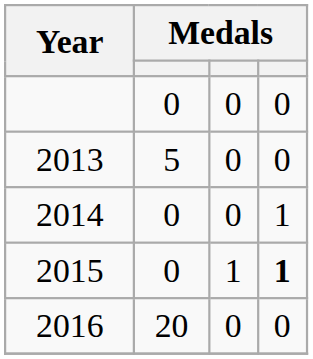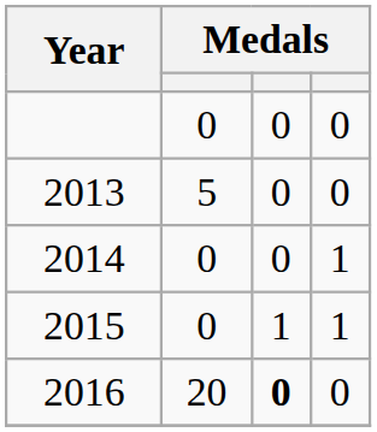 <table class="wikitable" style="text-align: center; font-size:95%;">
 <tr>
 <th rowspan=2 width=30%>Year</th>
 <th colspan=3 width=40%>Medals</th>
 </tr>
 <tr>
 <th !width=10></th>
 <th !width=10></th>
 <th !width=10></th>
 </tr>
 <tr>
 <td></td>
 <td>0</td>
 <td>0</td>
 <td>0</td>
 </tr>
 <tr>
 <td>2013</td>
 <td>5</td>
 <td>0</td>
 <td>0</td>
 </tr>
 <tr>
 <td>2014</td>
 <td>0</td>
 <td>0</td>
 <td>1</td>
 </tr>
 <tr>
 <td>2015</td>
 <td>0</td>
 <td>1</td>
-<td><strong>1</strong></td>
+<td>1</td>
 </tr>
 <tr>
 <td>2016</td>
 <td>20</td>
-<td>0</td>
+<td><strong>0</strong></td>
 <td>0</td>
 </tr>
 <tr>
 </tr>
 </table>
